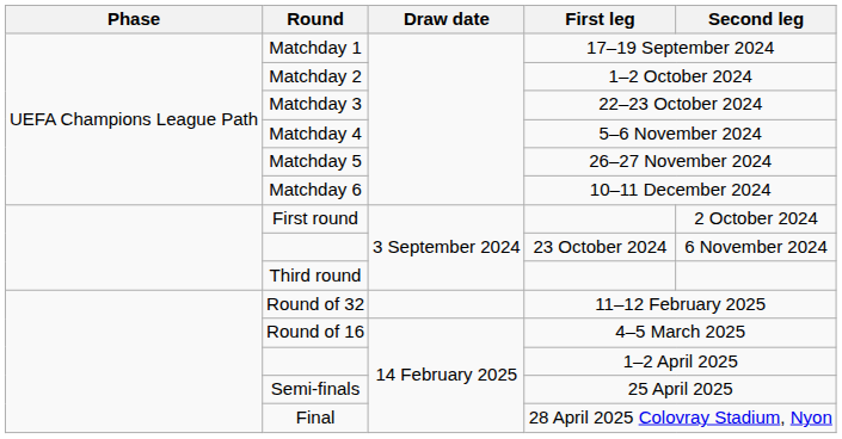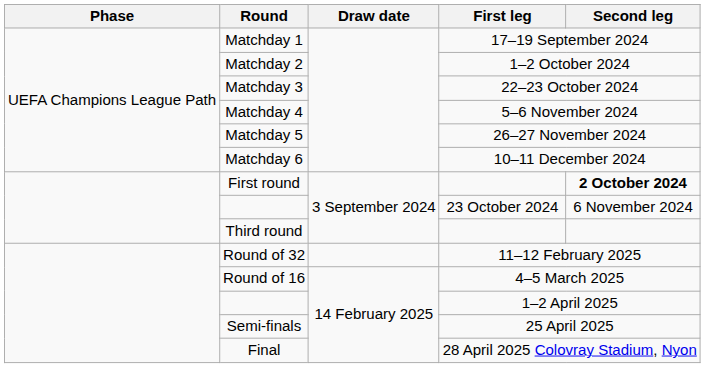 <table class="wikitable" style="text-align:center">
 <tr>
 <th>Phase</th>
 <th>Round</th>
 <th>Draw date</th>
 <th>First leg</th>
 <th>Second leg</th>
 </tr>
 <tr>
 <td rowspan="6">UEFA Champions League Path</td>
 <td>Matchday 1</td>
 <td rowspan="6"></td>
 <td colspan="2">17–19 September 2024</td>
 </tr>
 <tr>
 <td>Matchday 2</td>
 <td colspan="2">1–2 October 2024</td>
 </tr>
 <tr>
 <td>Matchday 3</td>
 <td colspan="2">22–23 October 2024</td>
 </tr>
 <tr>
 <td>Matchday 4</td>
 <td colspan="2">5–6 November 2024</td>
 </tr>
 <tr>
 <td>Matchday 5</td>
 <td colspan="2">26–27 November 2024</td>
 </tr>
 <tr>
 <td>Matchday 6</td>
 <td colspan="2">10–11 December 2024</td>
 </tr>
 <tr>
 <td rowspan="3"></td>
 <td>First round</td>
 <td rowspan="3">3 September 2024</td>
 <td></td>
-<td>2 October 2024</td>
+<td><strong>2 October 2024</strong></td>
 </tr>
 <tr>
 <td></td>
 <td>23 October 2024</td>
 <td>6 November 2024</td>
 </tr>
 <tr>
 <td>Third round</td>
 <td></td>
 <td></td>
 </tr>
 <tr>
 <td rowspan="5"></td>
 <td>Round of 32</td>
 <td></td>
 <td colspan="2">11–12 February 2025</td>
 </tr>
 <tr>
 <td>Round of 16</td>
 <td rowspan="4">14 February 2025</td>
 <td colspan="2">4–5 March 2025</td>
 </tr>
 <tr>
 <td></td>
 <td colspan="2">1–2 April 2025</td>
 </tr>
 <tr>
 <td>Semi-finals</td>
 <td colspan="2">25 April 2025 </td>
 </tr>
 <tr>
 <td>Final</td>
 <td colspan="2">28 April 2025 <a href='#'>Colovray Stadium</a>, <a href='#'>Nyon</a></td>
 </tr>
 </table>
